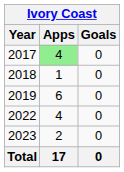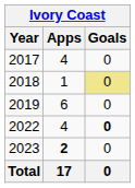 <table class="wikitable" style="text-align:center">
 <tr>
 <th colspan="4"><a href='#'>Ivory Coast</a></th>
 </tr>
 <tr>
 <th>Year</th>
 <th>Apps</th>
 <th>Goals</th>
 </tr>
 <tr>
 <td>2017</td>
-<td style="background: lightgreen;">4</td>
+<td>4</td>
 <td>0</td>
 </tr>
 <tr>
 <td>2018</td>
 <td>1</td>
-<td>0</td>
+<td style="background: khaki;">0</td>
 </tr>
 <tr>
 <td>2019</td>
 <td>6</td>
 <td>0</td>
 </tr>
 <tr>
 <td>2022</td>
 <td>4</td>
-<td>0</td>
+<td><strong>0</strong></td>
 </tr>
 <tr>
 <td>2023</td>
-<td>2</td>
+<td><strong>2</strong></td>
 <td>0</td>
 </tr>
 <tr>
 <th>Total</th>
 <th>17</th>
 <th>0</th>
 </tr>
 </table>
